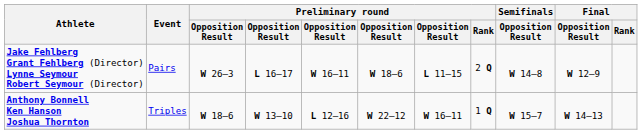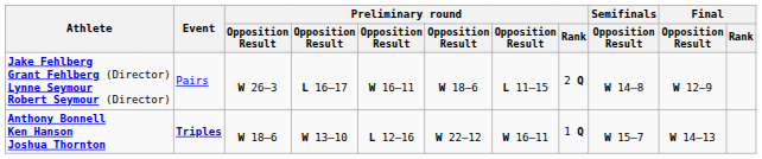 <table class=wikitable style=font-size:90%;text-align:center>
 <tr>
 <th rowspan=2>Athlete</th>
 <th rowspan=2>Event</th>
 <th colspan=6>Preliminary round</th>
 <th>Semifinals</th>
 <th colspan=2>Final</th>
 </tr>
 <tr style=font-size:95%>
 <th>Opposition<br>Result</th>
 <th>Opposition<br>Result</th>
 <th>Opposition<br>Result</th>
 <th>Opposition<br>Result</th>
 <th>Opposition<br>Result</th>
 <th>Rank</th>
 <th>Opposition<br>Result</th>
 <th>Opposition<br>Result</th>
 <th>Rank</th>
 </tr>
 <tr>
 <td align=left><strong><a href='#'>Jake Fehlberg</a></strong><br><strong><a href='#'>Grant Fehlberg</a></strong> (Director)<br><strong><a href='#'>Lynne Seymour</a></strong><br><strong><a href='#'>Robert Seymour</a></strong> (Director)</td>
 <td align=left><a href='#'>Pairs</a></td>
 <td><br><strong>W</strong> 26–3</td>
 <td><br><strong>L</strong>  16–17</td>
 <td><br><strong>W</strong> 16–11</td>
 <td><br><strong>W</strong> 18–6</td>
 <td><br><strong>L</strong> 11–15</td>
 <td>2 <strong>Q</strong></td>
 <td><br><strong>W</strong> 14–8</td>
 <td><br><strong>W</strong> 12–9</td>
 <td></td>
 </tr>
 <tr>
 <td align=left><strong><a href='#'>Anthony Bonnell</a></strong><br><strong><a href='#'>Ken Hanson</a></strong><br><strong><a href='#'>Joshua Thornton</a></strong></td>
-<td align=left><a href='#'>Triples</a></td>
+<td align=left><strong><a href='#'>Triples</a></strong></td>
 <td><br><strong>W</strong> 18–6</td>
 <td><br><strong>W</strong> 13–10</td>
 <td><br><strong>L</strong> 12–16</td>
 <td><br><strong>W</strong> 22–12</td>
 <td><br><strong>W</strong> 16–11</td>
 <td>1 <strong>Q</strong></td>
 <td><br><strong>W</strong> 15–7</td>
 <td><br><strong>W</strong> 14–13</td>
 <td></td>
 </tr>
 </table>
